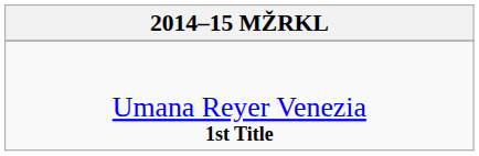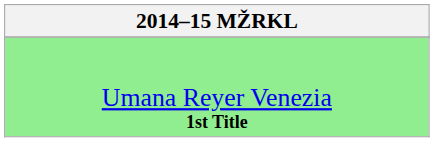 <table class="wikitable" style="margin: 0 auto; width: 30%;">
 <tr>
 <th><big>2014–15 MŽRKL</big><br></th>
 </tr>
 <tr>
 </tr>
 <tr>
-<td align=center><br><br><big><big><a href='#'>Umana Reyer Venezia</a><br></big></big><strong>1st Title</strong></td>
+<td align=center style="background: lightgreen;"><br><br><big><big><a href='#'>Umana Reyer Venezia</a><br></big></big><strong>1st Title</strong></td>
 </tr>
 </table>
